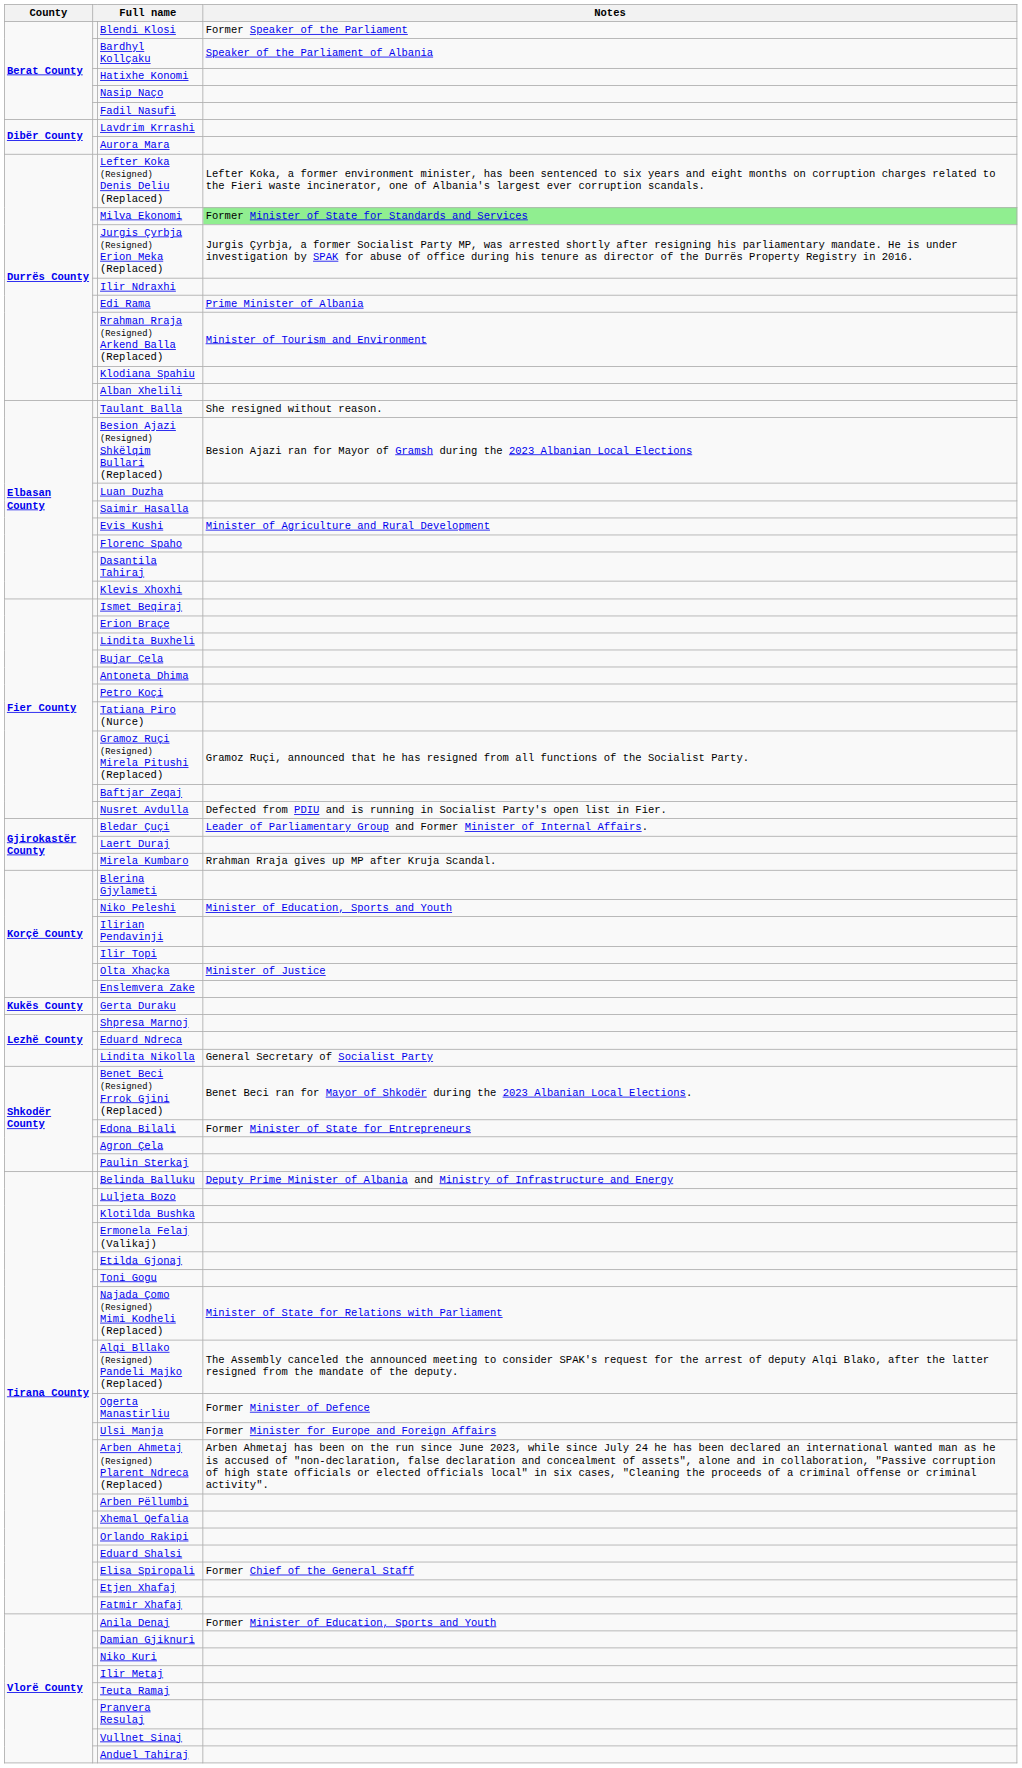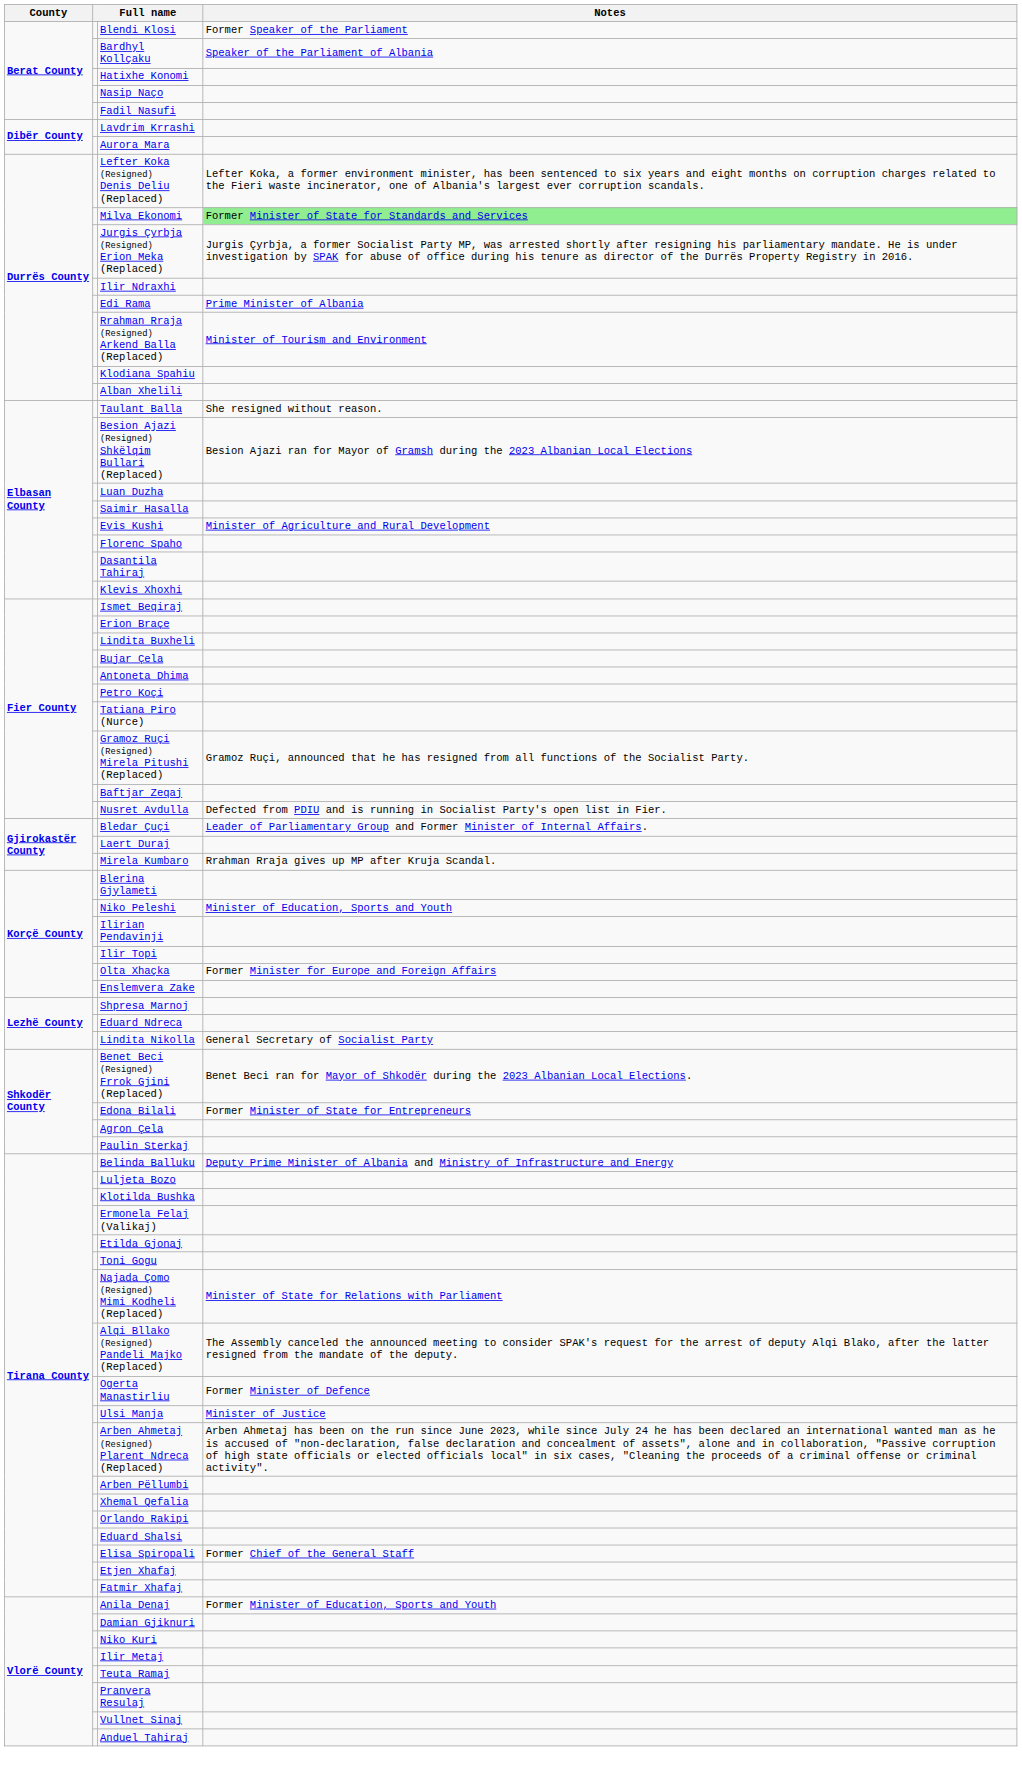 <table class="wikitable">
 <tr>
 <th>County</th>
 <th colspan="2">Full name</th>
 <th>Notes</th>
 </tr>
 <tr>
 <td rowspan="5"><strong><a href='#'>Berat County</a></strong></td>
 <td></td>
 <td><a href='#'>Blendi Klosi</a></td>
 <td>Former <a href='#'>Speaker of the Parliament</a></td>
 </tr>
 <tr>
 <td></td>
 <td><a href='#'>Bardhyl Kollçaku</a></td>
 <td><a href='#'>Speaker of the Parliament of Albania</a></td>
 </tr>
 <tr>
 <td></td>
 <td><a href='#'>Hatixhe Konomi</a></td>
 <td></td>
 </tr>
 <tr>
 <td></td>
 <td><a href='#'>Nasip Naço</a></td>
 <td></td>
 </tr>
 <tr>
 <td></td>
 <td><a href='#'>Fadil Nasufi</a></td>
 <td></td>
 </tr>
 <tr>
 <td rowspan="2"><strong><a href='#'>Dibër County</a></strong></td>
 <td></td>
 <td><a href='#'>Lavdrim Krrashi</a></td>
 <td></td>
 </tr>
 <tr>
 <td></td>
 <td><a href='#'>Aurora Mara</a></td>
 <td></td>
 </tr>
 <tr>
 <td rowspan="8"><strong><a href='#'>Durrës County</a></strong></td>
 <td></td>
 <td><a href='#'>Lefter Koka</a><small> (Resigned)</small> <br><a href='#'>Denis Deliu</a> (Replaced)</td>
 <td>Lefter Koka, a former environment minister, has been sentenced to six years and eight months on corruption charges related to the Fieri waste incinerator, one of Albania's largest ever corruption scandals.</td>
 </tr>
 <tr>
 <td></td>
 <td><a href='#'>Milva Ekonomi</a></td>
 <td style="background: lightgreen;">Former <a href='#'>Minister of State for Standards and Services</a></td>
 </tr>
 <tr>
 <td></td>
 <td><a href='#'>Jurgis Çyrbja</a><small> (Resigned)</small> <br><a href='#'>Erion Meka</a> (Replaced)</td>
 <td>Jurgis Çyrbja, a former Socialist Party MP, was arrested shortly after resigning his parliamentary mandate. He is under investigation by <a href='#'>SPAK</a> for abuse of office during his tenure as director of the Durrës Property Registry in 2016.</td>
 </tr>
 <tr>
 <td></td>
 <td><a href='#'>Ilir Ndraxhi</a></td>
 <td></td>
 </tr>
 <tr>
 <td></td>
 <td><a href='#'>Edi Rama</a></td>
 <td><a href='#'>Prime Minister of Albania</a></td>
 </tr>
 <tr>
 <td></td>
 <td><a href='#'>Rrahman Rraja</a><small> (Resigned)</small> <br><a href='#'>Arkend Balla</a> (Replaced)</td>
 <td><a href='#'>Minister of Tourism and Environment</a></td>
 </tr>
 <tr>
 <td></td>
 <td><a href='#'>Klodiana Spahiu</a></td>
 <td></td>
 </tr>
 <tr>
 <td></td>
 <td><a href='#'>Alban Xhelili</a></td>
 <td></td>
 </tr>
 <tr>
 <td rowspan="8"><strong><a href='#'>Elbasan County</a></strong></td>
 <td></td>
 <td><a href='#'>Taulant Balla</a></td>
 <td>She resigned without reason.</td>
 </tr>
 <tr>
 <td></td>
 <td><a href='#'>Besion Ajazi</a><small> (Resigned)</small> <br><a href='#'>Shkëlqim Bullari</a> (Replaced)</td>
 <td>Besion Ajazi ran for Mayor of <a href='#'>Gramsh</a> during the <a href='#'>2023 Albanian Local Elections</a></td>
 </tr>
 <tr>
 <td></td>
 <td><a href='#'>Luan Duzha</a></td>
 <td></td>
 </tr>
 <tr>
 <td></td>
 <td><a href='#'>Saimir Hasalla</a></td>
 <td></td>
 </tr>
 <tr>
 <td></td>
 <td><a href='#'>Evis Kushi</a></td>
 <td><a href='#'>Minister of Agriculture and Rural Development</a></td>
 </tr>
 <tr>
 <td></td>
 <td><a href='#'>Florenc Spaho</a></td>
 <td></td>
 </tr>
 <tr>
 <td></td>
 <td><a href='#'>Dasantila Tahiraj</a></td>
 <td></td>
 </tr>
 <tr>
 <td></td>
 <td><a href='#'>Klevis Xhoxhi</a></td>
 <td></td>
 </tr>
 <tr>
 <td rowspan="10"><strong><a href='#'>Fier County</a></strong></td>
 <td></td>
 <td><a href='#'>Ismet Beqiraj</a></td>
 <td></td>
 </tr>
 <tr>
 <td></td>
 <td><a href='#'>Erion Braçe</a></td>
 <td></td>
 </tr>
 <tr>
 <td></td>
 <td><a href='#'>Lindita Buxheli</a></td>
 <td></td>
 </tr>
 <tr>
 <td></td>
 <td><a href='#'>Bujar Çela</a></td>
 <td></td>
 </tr>
 <tr>
 <td></td>
 <td><a href='#'>Antoneta Dhima</a></td>
 <td></td>
 </tr>
 <tr>
 <td></td>
 <td><a href='#'>Petro Koçi</a></td>
 <td></td>
 </tr>
 <tr>
 <td></td>
 <td><a href='#'>Tatiana Piro</a><br>(Nurce)</td>
 <td></td>
 </tr>
 <tr>
 <td></td>
 <td><a href='#'>Gramoz Ruçi</a><small> (Resigned)</small> <br><a href='#'>Mirela Pitushi</a> (Replaced)</td>
 <td>Gramoz Ruçi, announced that he has resigned from all functions of the Socialist Party.</td>
 </tr>
 <tr>
 <td></td>
 <td><a href='#'>Baftjar Zeqaj</a></td>
 <td></td>
 </tr>
 <tr>
 <td></td>
 <td><a href='#'>Nusret Avdulla</a></td>
 <td>Defected from <a href='#'>PDIU</a> and is running in Socialist Party's open list in Fier.</td>
 </tr>
 <tr>
 <td rowspan="3"><strong><a href='#'>Gjirokastër County</a></strong></td>
 <td></td>
 <td><a href='#'>Bledar Çuçi</a></td>
 <td><a href='#'> Leader of Parliamentary Group</a> and Former <a href='#'>Minister of Internal Affairs</a>.</td>
 </tr>
 <tr>
 <td></td>
 <td><a href='#'>Laert Duraj</a></td>
 <td></td>
 </tr>
 <tr>
 <td></td>
 <td><a href='#'>Mirela Kumbaro</a></td>
 <td>Rrahman Rraja gives up MP after Kruja Scandal.</td>
 </tr>
 <tr>
 <td rowspan="6"><strong><a href='#'>Korçë County</a></strong></td>
 <td></td>
 <td><a href='#'>Blerina Gjylameti</a></td>
 <td></td>
 </tr>
 <tr>
 <td></td>
 <td><a href='#'>Niko Peleshi</a></td>
 <td><a href='#'>Minister of Education, Sports and Youth</a></td>
 </tr>
 <tr>
 <td></td>
 <td><a href='#'>Ilirian Pendavinji</a></td>
 <td></td>
 </tr>
 <tr>
 <td></td>
 <td><a href='#'>Ilir Topi</a></td>
 <td></td>
 </tr>
 <tr>
 <td></td>
 <td><a href='#'>Olta Xhaçka</a></td>
-<td><a href='#'>Minister of Justice</a></td>
+<td>Former <a href='#'>Minister for Europe and Foreign Affairs</a></td>
 </tr>
 <tr>
 <td></td>
 <td><a href='#'>Enslemvera Zake</a></td>
-<td></td>
-</tr>
-<tr>
-<td><strong><a href='#'>Kukës County</a></strong></td>
-<td></td>
-<td><a href='#'>Gerta Duraku</a></td>
 <td></td>
 </tr>
 <tr>
 <td rowspan="3"><strong><a href='#'>Lezhë County</a></strong></td>
 <td></td>
 <td><a href='#'>Shpresa Marnoj</a></td>
 <td></td>
 </tr>
 <tr>
 <td></td>
 <td><a href='#'>Eduard Ndreca</a></td>
 <td></td>
 </tr>
 <tr>
 <td></td>
 <td><a href='#'>Lindita Nikolla</a></td>
 <td>General Secretary of <a href='#'>Socialist Party</a></td>
 </tr>
 <tr>
 <td rowspan="4"><strong><a href='#'>Shkodër County</a></strong></td>
 <td></td>
 <td><a href='#'>Benet Beci</a><small> (Resigned)</small> <br><a href='#'>Frrok Gjini</a> (Replaced)</td>
 <td>Benet Beci ran for <a href='#'>Mayor of Shkodër</a> during the <a href='#'>2023 Albanian Local Elections</a>.</td>
 </tr>
 <tr>
 <td></td>
 <td><a href='#'>Edona Bilali</a></td>
 <td>Former <a href='#'>Minister of State for Entrepreneurs</a></td>
 </tr>
 <tr>
 <td></td>
 <td><a href='#'>Agron Çela</a></td>
 <td></td>
 </tr>
 <tr>
 <td></td>
 <td><a href='#'>Paulin Sterkaj</a></td>
 <td></td>
 </tr>
 <tr>
 <td rowspan="18"><strong><a href='#'>Tirana County</a></strong></td>
 <td></td>
 <td><a href='#'>Belinda Balluku</a></td>
 <td><a href='#'>Deputy Prime Minister of Albania</a> and <a href='#'>Ministry of Infrastructure and Energy</a></td>
 </tr>
 <tr>
 <td></td>
 <td><a href='#'>Luljeta Bozo</a></td>
 <td></td>
 </tr>
 <tr>
 <td></td>
 <td><a href='#'>Klotilda Bushka</a></td>
 <td></td>
 </tr>
 <tr>
 <td></td>
 <td><a href='#'>Ermonela Felaj</a> (Valikaj)</td>
 <td></td>
 </tr>
 <tr>
 <td></td>
 <td><a href='#'>Etilda Gjonaj</a></td>
 <td></td>
 </tr>
 <tr>
 <td></td>
 <td><a href='#'>Toni Gogu</a></td>
 <td></td>
 </tr>
 <tr>
 <td></td>
 <td><a href='#'>Najada Çomo</a><small> (Resigned)</small> <br><a href='#'>Mimi Kodheli</a> (Replaced)</td>
 <td><a href='#'>Minister of State for Relations with Parliament</a></td>
 </tr>
 <tr>
 <td></td>
 <td><a href='#'>Alqi Bllako</a><small> (Resigned)</small> <br><a href='#'>Pandeli Majko</a> (Replaced)</td>
 <td>The Assembly canceled the announced meeting to consider SPAK's request for the arrest of deputy Alqi Blako, after the latter resigned from the mandate of the deputy.</td>
 </tr>
 <tr>
 <td></td>
 <td><a href='#'>Ogerta Manastirliu</a></td>
 <td>Former <a href='#'>Minister of Defence</a></td>
 </tr>
 <tr>
 <td></td>
 <td><a href='#'>Ulsi Manja</a></td>
-<td>Former <a href='#'>Minister for Europe and Foreign Affairs</a></td>
+<td><a href='#'>Minister of Justice</a></td>
 </tr>
 <tr>
 <td></td>
 <td><a href='#'>Arben Ahmetaj</a><small> (Resigned)</small> <br><a href='#'>Plarent Ndreca</a> (Replaced)</td>
 <td>Arben Ahmetaj has been on the run since June 2023, while since July 24 he has been declared an international wanted man as he is accused of "non-declaration, false declaration and concealment of assets", alone and in collaboration, "Passive corruption of high state officials or elected officials local" in six cases, "Cleaning the proceeds of a criminal offense or criminal activity".</td>
 </tr>
 <tr>
 <td></td>
 <td><a href='#'>Arben Pëllumbi</a></td>
 <td></td>
 </tr>
 <tr>
 <td></td>
 <td><a href='#'>Xhemal Qefalia</a></td>
 <td></td>
 </tr>
 <tr>
 <td></td>
 <td><a href='#'>Orlando Rakipi</a></td>
 <td></td>
 </tr>
 <tr>
 <td></td>
 <td><a href='#'>Eduard Shalsi</a></td>
 <td></td>
 </tr>
 <tr>
 <td></td>
 <td><a href='#'>Elisa Spiropali</a></td>
 <td>Former <a href='#'>Chief of the General Staff</a></td>
 </tr>
 <tr>
 <td></td>
 <td><a href='#'>Etjen Xhafaj</a></td>
 <td></td>
 </tr>
 <tr>
 <td></td>
 <td><a href='#'>Fatmir Xhafaj</a></td>
 <td></td>
 </tr>
 <tr>
 <td rowspan="8"><strong><a href='#'>Vlorë County</a></strong></td>
 <td></td>
 <td><a href='#'>Anila Denaj</a></td>
 <td>Former <a href='#'>Minister of Education, Sports and Youth</a></td>
 </tr>
 <tr>
 <td></td>
 <td><a href='#'>Damian Gjiknuri</a></td>
 <td></td>
 </tr>
 <tr>
 <td></td>
 <td><a href='#'>Niko Kuri</a></td>
 <td></td>
 </tr>
 <tr>
 <td></td>
 <td><a href='#'>Ilir Metaj</a></td>
 <td></td>
 </tr>
 <tr>
 <td></td>
 <td><a href='#'>Teuta Ramaj</a></td>
 <td></td>
 </tr>
 <tr>
 <td></td>
 <td><a href='#'>Pranvera Resulaj</a></td>
 <td></td>
 </tr>
 <tr>
 <td></td>
 <td><a href='#'>Vullnet Sinaj</a></td>
 <td></td>
 </tr>
 <tr>
 <td></td>
 <td><a href='#'>Anduel Tahiraj</a></td>
 <td></td>
 </tr>
 </table>
